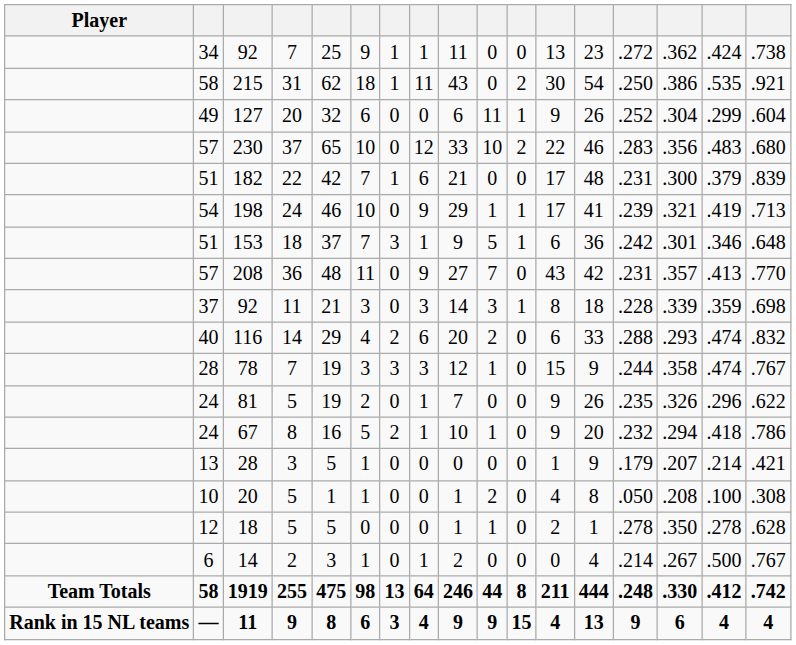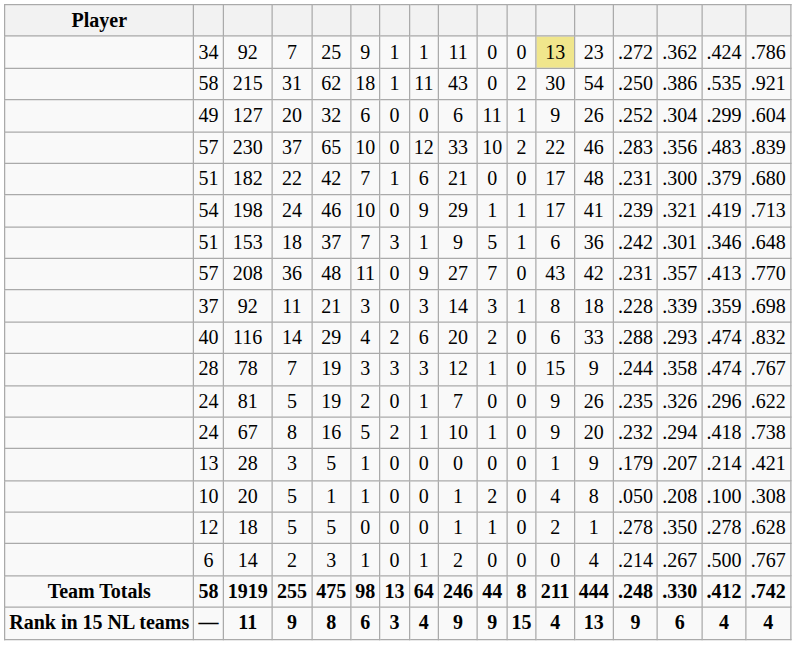 <table class="wikitable sortable">
 <tr>
 <th>Player</th>
 <th></th>
 <th></th>
 <th></th>
 <th></th>
 <th></th>
 <th></th>
 <th></th>
 <th></th>
 <th></th>
 <th></th>
 <th></th>
 <th></th>
 <th></th>
 <th></th>
 <th></th>
 <th></th>
 </tr>
 <tr align=center>
 <td></td>
 <td>34</td>
 <td>92</td>
 <td>7</td>
 <td>25</td>
 <td>9</td>
 <td>1</td>
 <td>1</td>
 <td>11</td>
 <td>0</td>
 <td>0</td>
-<td>13</td>
+<td style="background: khaki;">13</td>
 <td>23</td>
 <td>.272</td>
 <td>.362</td>
 <td>.424</td>
-<td>.738</td>
+<td>.786</td>
 </tr>
 <tr align=center>
 <td></td>
 <td>58</td>
 <td>215</td>
 <td>31</td>
 <td>62</td>
 <td>18</td>
 <td>1</td>
 <td>11</td>
 <td>43</td>
 <td>0</td>
 <td>2</td>
 <td>30</td>
 <td>54</td>
 <td>.250</td>
 <td>.386</td>
 <td>.535</td>
 <td>.921</td>
 </tr>
 <tr align=center>
 <td></td>
 <td>49</td>
 <td>127</td>
 <td>20</td>
 <td>32</td>
 <td>6</td>
 <td>0</td>
 <td>0</td>
 <td>6</td>
 <td>11</td>
 <td>1</td>
 <td>9</td>
 <td>26</td>
 <td>.252</td>
 <td>.304</td>
 <td>.299</td>
 <td>.604</td>
 </tr>
 <tr align=center>
 <td></td>
 <td>57</td>
 <td>230</td>
 <td>37</td>
 <td>65</td>
 <td>10</td>
 <td>0</td>
 <td>12</td>
 <td>33</td>
 <td>10</td>
 <td>2</td>
 <td>22</td>
 <td>46</td>
 <td>.283</td>
 <td>.356</td>
 <td>.483</td>
-<td>.680</td>
+<td>.839</td>
 </tr>
 <tr align=center>
 <td></td>
 <td>51</td>
 <td>182</td>
 <td>22</td>
 <td>42</td>
 <td>7</td>
 <td>1</td>
 <td>6</td>
 <td>21</td>
 <td>0</td>
 <td>0</td>
 <td>17</td>
 <td>48</td>
 <td>.231</td>
 <td>.300</td>
 <td>.379</td>
-<td>.839</td>
+<td>.680</td>
 </tr>
 <tr align=center>
 <td></td>
 <td>54</td>
 <td>198</td>
 <td>24</td>
 <td>46</td>
 <td>10</td>
 <td>0</td>
 <td>9</td>
 <td>29</td>
 <td>1</td>
 <td>1</td>
 <td>17</td>
 <td>41</td>
 <td>.239</td>
 <td>.321</td>
 <td>.419</td>
 <td>.713</td>
 </tr>
 <tr align=center>
 <td></td>
 <td>51</td>
 <td>153</td>
 <td>18</td>
 <td>37</td>
 <td>7</td>
 <td>3</td>
 <td>1</td>
 <td>9</td>
 <td>5</td>
 <td>1</td>
 <td>6</td>
 <td>36</td>
 <td>.242</td>
 <td>.301</td>
 <td>.346</td>
 <td>.648</td>
 </tr>
 <tr align=center>
 <td></td>
 <td>57</td>
 <td>208</td>
 <td>36</td>
 <td>48</td>
 <td>11</td>
 <td>0</td>
 <td>9</td>
 <td>27</td>
 <td>7</td>
 <td>0</td>
 <td>43</td>
 <td>42</td>
 <td>.231</td>
 <td>.357</td>
 <td>.413</td>
 <td>.770</td>
 </tr>
 <tr align=center>
 <td></td>
 <td>37</td>
 <td>92</td>
 <td>11</td>
 <td>21</td>
 <td>3</td>
 <td>0</td>
 <td>3</td>
 <td>14</td>
 <td>3</td>
 <td>1</td>
 <td>8</td>
 <td>18</td>
 <td>.228</td>
 <td>.339</td>
 <td>.359</td>
 <td>.698</td>
 </tr>
 <tr align=center>
 <td></td>
 <td>40</td>
 <td>116</td>
 <td>14</td>
 <td>29</td>
 <td>4</td>
 <td>2</td>
 <td>6</td>
 <td>20</td>
 <td>2</td>
 <td>0</td>
 <td>6</td>
 <td>33</td>
 <td>.288</td>
 <td>.293</td>
 <td>.474</td>
 <td>.832</td>
 </tr>
 <tr align=center>
 <td></td>
 <td>28</td>
 <td>78</td>
 <td>7</td>
 <td>19</td>
 <td>3</td>
 <td>3</td>
 <td>3</td>
 <td>12</td>
 <td>1</td>
 <td>0</td>
 <td>15</td>
 <td>9</td>
 <td>.244</td>
 <td>.358</td>
 <td>.474</td>
 <td>.767</td>
 </tr>
 <tr align=center>
 <td></td>
 <td>24</td>
 <td>81</td>
 <td>5</td>
 <td>19</td>
 <td>2</td>
 <td>0</td>
 <td>1</td>
 <td>7</td>
 <td>0</td>
 <td>0</td>
 <td>9</td>
 <td>26</td>
 <td>.235</td>
 <td>.326</td>
 <td>.296</td>
 <td>.622</td>
 </tr>
 <tr align=center>
 <td></td>
 <td>24</td>
 <td>67</td>
 <td>8</td>
 <td>16</td>
 <td>5</td>
 <td>2</td>
 <td>1</td>
 <td>10</td>
 <td>1</td>
 <td>0</td>
 <td>9</td>
 <td>20</td>
 <td>.232</td>
 <td>.294</td>
 <td>.418</td>
-<td>.786</td>
+<td>.738</td>
 </tr>
 <tr align=center>
 <td></td>
 <td>13</td>
 <td>28</td>
 <td>3</td>
 <td>5</td>
 <td>1</td>
 <td>0</td>
 <td>0</td>
 <td>0</td>
 <td>0</td>
 <td>0</td>
 <td>1</td>
 <td>9</td>
 <td>.179</td>
 <td>.207</td>
 <td>.214</td>
 <td>.421</td>
 </tr>
 <tr align=center>
 <td></td>
 <td>10</td>
 <td>20</td>
 <td>5</td>
 <td>1</td>
 <td>1</td>
 <td>0</td>
 <td>0</td>
 <td>1</td>
 <td>2</td>
 <td>0</td>
 <td>4</td>
 <td>8</td>
 <td>.050</td>
 <td>.208</td>
 <td>.100</td>
 <td>.308</td>
 </tr>
 <tr align=center>
 <td></td>
 <td>12</td>
 <td>18</td>
 <td>5</td>
 <td>5</td>
 <td>0</td>
 <td>0</td>
 <td>0</td>
 <td>1</td>
 <td>1</td>
 <td>0</td>
 <td>2</td>
 <td>1</td>
 <td>.278</td>
 <td>.350</td>
 <td>.278</td>
 <td>.628</td>
 </tr>
 <tr align=center>
 <td></td>
 <td>6</td>
 <td>14</td>
 <td>2</td>
 <td>3</td>
 <td>1</td>
 <td>0</td>
 <td>1</td>
 <td>2</td>
 <td>0</td>
 <td>0</td>
 <td>0</td>
 <td>4</td>
 <td>.214</td>
 <td>.267</td>
 <td>.500</td>
 <td>.767</td>
 </tr>
 <tr align=center>
 <td><strong>Team Totals</strong></td>
 <td><strong>58</strong></td>
 <td><strong>1919</strong></td>
 <td><strong>255</strong></td>
 <td><strong>475</strong></td>
 <td><strong>98</strong></td>
 <td><strong>13</strong></td>
 <td><strong>64</strong></td>
 <td><strong>246</strong></td>
 <td><strong>44</strong></td>
 <td><strong>8</strong></td>
 <td><strong>211</strong></td>
 <td><strong>444</strong></td>
 <td><strong>.248</strong></td>
 <td><strong>.330</strong></td>
 <td><strong>.412</strong></td>
 <td><strong>.742</strong></td>
 </tr>
 <tr align=center>
 <td><strong>Rank in 15 NL teams</strong></td>
 <td><strong>—</strong></td>
 <td><strong>11</strong></td>
 <td><strong>9</strong></td>
 <td><strong>8</strong></td>
 <td><strong>6</strong></td>
 <td><strong>3</strong></td>
 <td><strong>4</strong></td>
 <td><strong>9</strong></td>
 <td><strong>9</strong></td>
 <td><strong>15</strong></td>
 <td><strong>4</strong></td>
 <td><strong>13</strong></td>
 <td><strong>9</strong></td>
 <td><strong>6</strong></td>
 <td><strong>4</strong></td>
 <td><strong>4</strong></td>
 </tr>
 </table>
